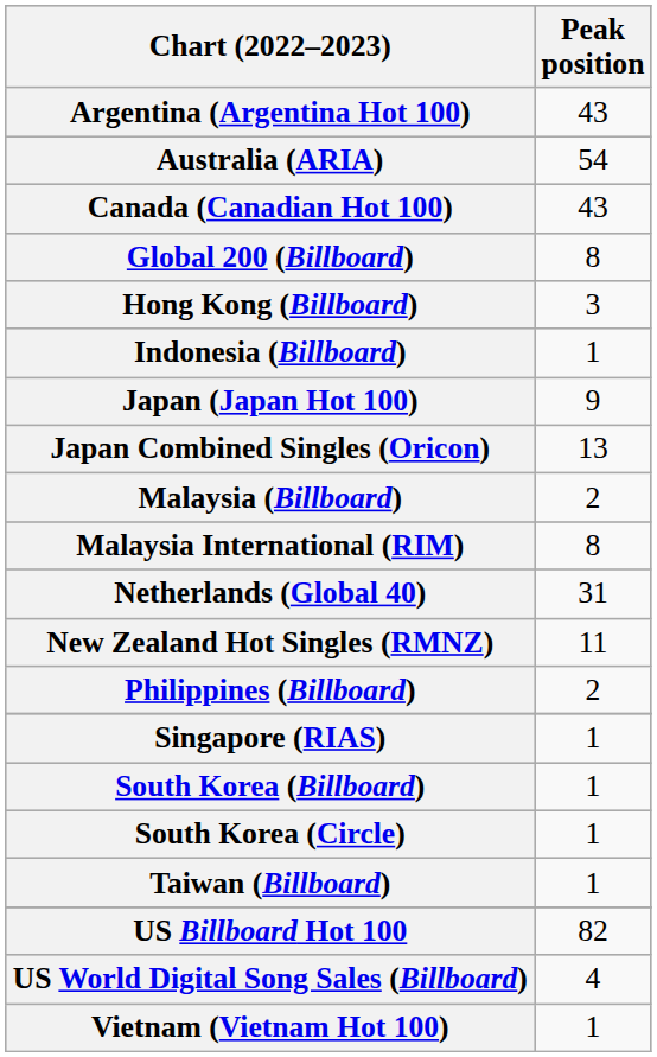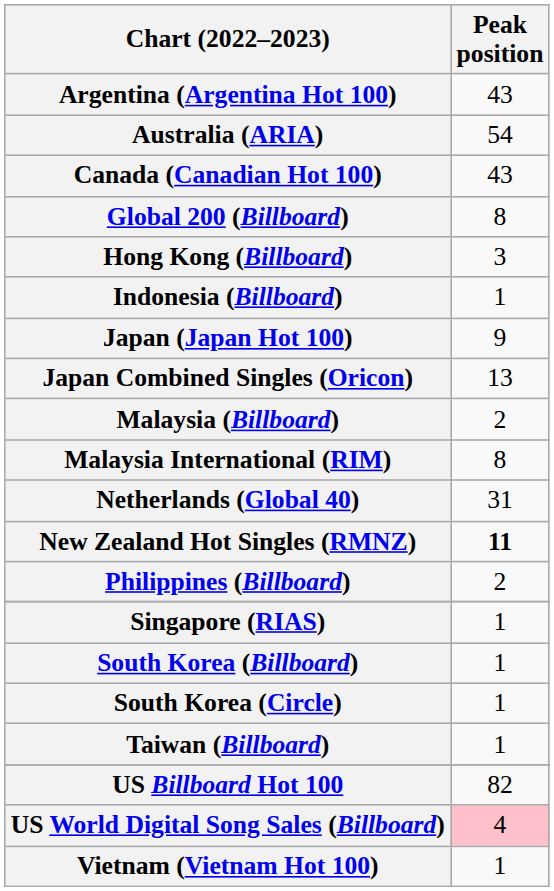 <table class="wikitable sortable plainrowheaders" style="text-align:center">
 <tr>
 <th scope="col">Chart (2022–2023)</th>
 <th scope="col">Peak<br>position</th>
 </tr>
 <tr>
 <th scope="row">Argentina (<a href='#'>Argentina Hot 100</a>)</th>
 <td>43</td>
 </tr>
 <tr>
 <th scope="row">Australia (<a href='#'>ARIA</a>)</th>
 <td>54</td>
 </tr>
 <tr>
 <th scope="row">Canada (<a href='#'>Canadian Hot 100</a>)</th>
 <td>43</td>
 </tr>
 <tr>
 <th scope="row"><a href='#'>Global 200</a> (<em><a href='#'>Billboard</a></em>)</th>
 <td>8</td>
 </tr>
 <tr>
 <th scope="row">Hong Kong (<em><a href='#'>Billboard</a></em>)</th>
 <td>3</td>
 </tr>
 <tr>
 <th scope="row">Indonesia (<em><a href='#'>Billboard</a></em>)</th>
 <td>1</td>
 </tr>
 <tr>
 <th scope="row">Japan (<a href='#'>Japan Hot 100</a>)</th>
 <td>9</td>
 </tr>
 <tr>
 <th scope="row">Japan Combined Singles (<a href='#'>Oricon</a>)</th>
 <td>13</td>
 </tr>
 <tr>
 <th scope="row">Malaysia (<em><a href='#'>Billboard</a></em>)</th>
 <td>2</td>
 </tr>
 <tr>
 <th scope="row">Malaysia International (<a href='#'>RIM</a>)</th>
 <td>8</td>
 </tr>
 <tr>
 <th scope="row">Netherlands (<a href='#'>Global 40</a>)</th>
 <td>31</td>
 </tr>
 <tr>
 <th scope="row">New Zealand Hot Singles (<a href='#'>RMNZ</a>)</th>
-<td>11</td>
+<td><strong>11</strong></td>
 </tr>
 <tr>
 <th scope="row"><a href='#'>Philippines</a> (<em><a href='#'>Billboard</a></em>)</th>
 <td>2</td>
 </tr>
 <tr>
 </tr>
 <tr>
 <th scope="row">Singapore (<a href='#'>RIAS</a>)</th>
 <td>1</td>
 </tr>
 <tr>
 <th scope="row"><a href='#'>South Korea</a> (<em><a href='#'>Billboard</a></em>)</th>
 <td>1</td>
 </tr>
 <tr>
 <th scope="row">South Korea (<a href='#'>Circle</a>)</th>
 <td>1</td>
 </tr>
 <tr>
 <th scope="row">Taiwan (<em><a href='#'>Billboard</a></em>)</th>
 <td>1</td>
 </tr>
 <tr>
 </tr>
 <tr>
 </tr>
 <tr>
 <th scope="row">US <a href='#'><em>Billboard</em> Hot 100</a></th>
 <td>82</td>
 </tr>
 <tr>
 <th scope="row">US <a href='#'>World Digital Song Sales</a> (<em><a href='#'>Billboard</a></em>)</th>
-<td>4</td>
+<td style="background: pink;">4</td>
 </tr>
 <tr>
 <th scope="row">Vietnam (<a href='#'>Vietnam Hot 100</a>)</th>
 <td>1</td>
 </tr>
 </table>
